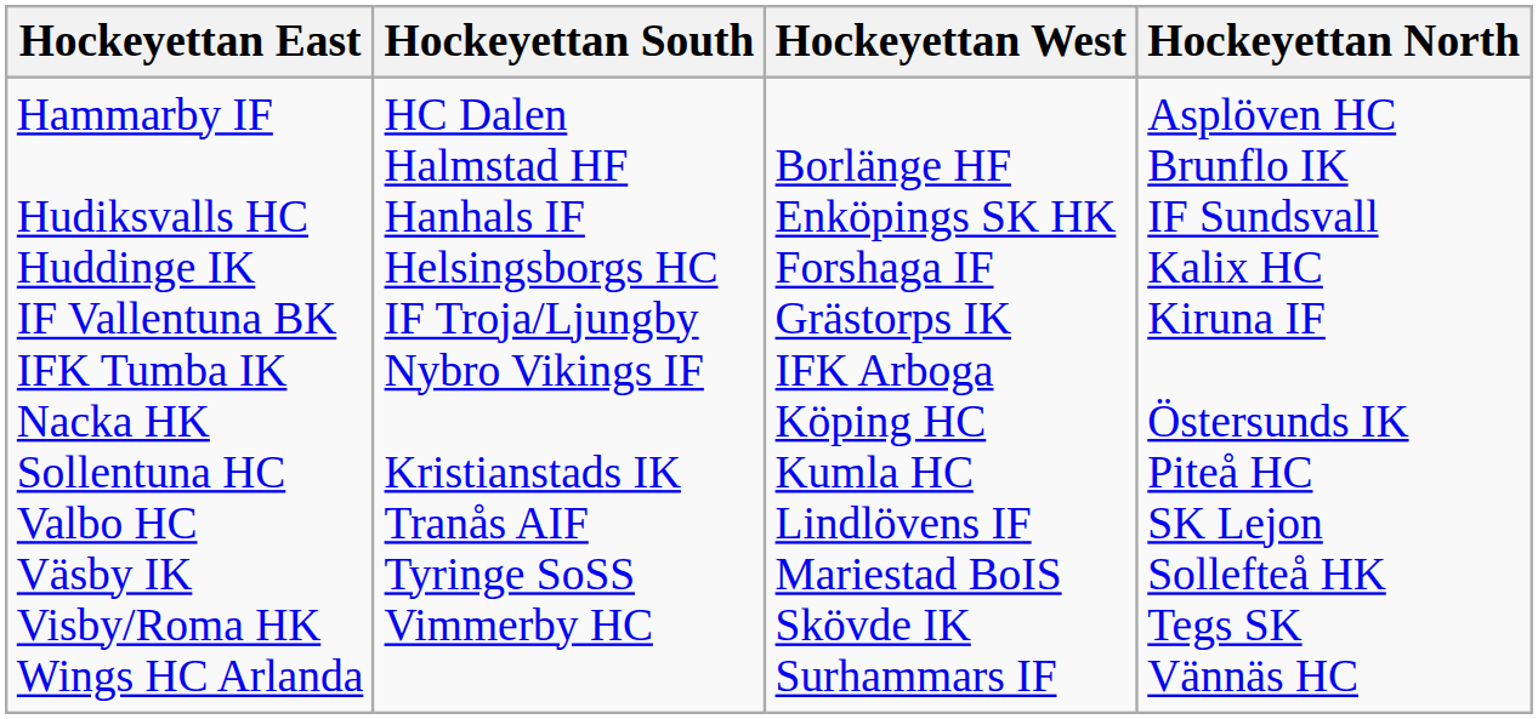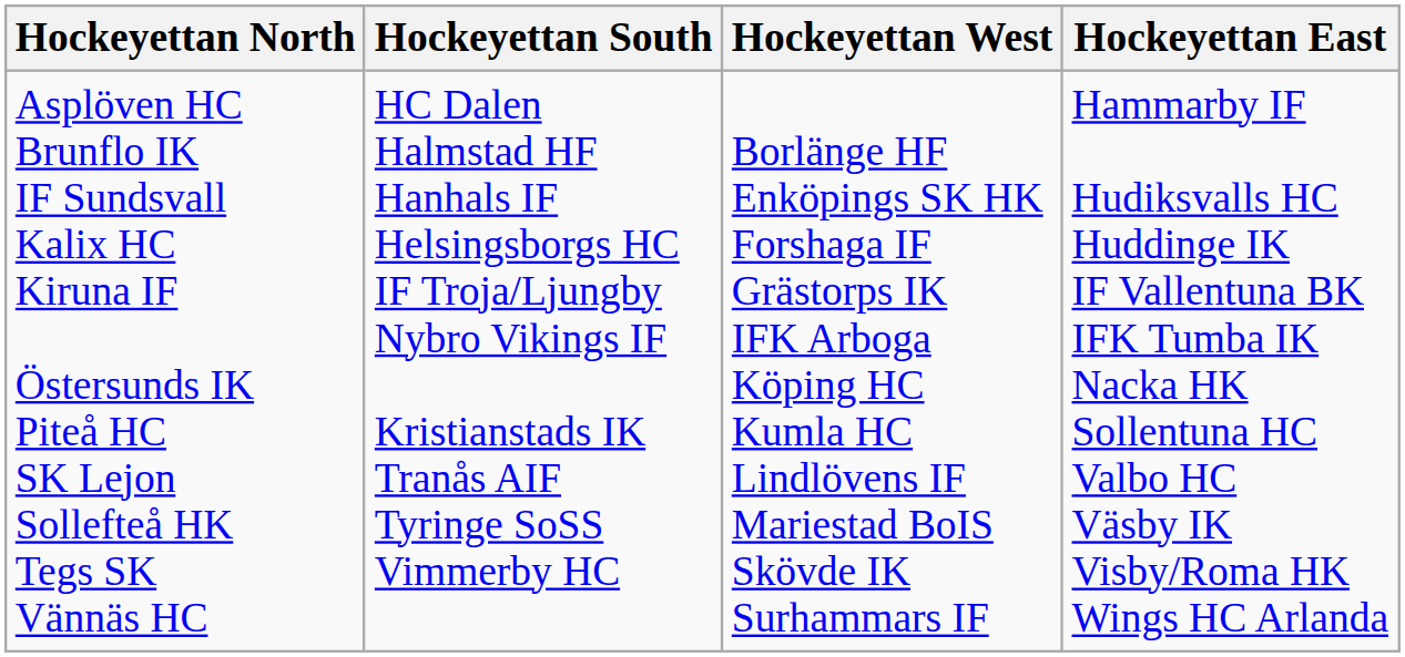 <table class="wikitable">
 <tr>
-<th>Hockeyettan East</th>
+<th>Hockeyettan North</th>
 <th>Hockeyettan South</th>
 <th>Hockeyettan West</th>
-<th>Hockeyettan North</th>
+<th>Hockeyettan East</th>
 </tr>
 <tr>
-<td valign=top><a href='#'>Hammarby IF</a><br><br><a href='#'>Hudiksvalls HC</a><br><a href='#'>Huddinge IK</a><br><a href='#'>IF Vallentuna BK</a><br><a href='#'>IFK Tumba IK</a><br><a href='#'>Nacka HK</a><br><a href='#'>Sollentuna HC</a><br><a href='#'>Valbo HC</a><br><a href='#'>Väsby IK</a><br><a href='#'>Visby/Roma HK</a><br><a href='#'>Wings HC Arlanda</a></td>
+<td valign=top><a href='#'>Asplöven HC</a><br><a href='#'>Brunflo IK</a><br><a href='#'>IF Sundsvall</a><br><a href='#'>Kalix HC</a><br><a href='#'>Kiruna IF</a><br><br><a href='#'>Östersunds IK</a><br><a href='#'>Piteå HC</a><br><a href='#'>SK Lejon</a><br><a href='#'>Sollefteå HK</a><br><a href='#'>Tegs SK</a><br><a href='#'>Vännäs HC</a></td>
 <td valign=top><a href='#'>HC Dalen</a><br><a href='#'>Halmstad HF</a><br><a href='#'>Hanhals IF</a><br><a href='#'>Helsingsborgs HC</a><br><a href='#'>IF Troja/Ljungby</a><br><a href='#'>Nybro Vikings IF</a><br><br><a href='#'>Kristianstads IK</a><br><a href='#'>Tranås AIF</a><br><a href='#'>Tyringe SoSS</a><br><a href='#'>Vimmerby HC</a></td>
 <td valign=top><br><a href='#'>Borlänge HF</a><br><a href='#'>Enköpings SK HK</a><br><a href='#'>Forshaga IF</a><br><a href='#'>Grästorps IK</a><br><a href='#'>IFK Arboga</a><br><a href='#'>Köping HC</a><br><a href='#'>Kumla HC</a><br><a href='#'>Lindlövens IF</a><br><a href='#'>Mariestad BoIS</a><br><a href='#'>Skövde IK</a><br><a href='#'>Surhammars IF</a></td>
-<td valign=top><a href='#'>Asplöven HC</a><br><a href='#'>Brunflo IK</a><br><a href='#'>IF Sundsvall</a><br><a href='#'>Kalix HC</a><br><a href='#'>Kiruna IF</a><br><br><a href='#'>Östersunds IK</a><br><a href='#'>Piteå HC</a><br><a href='#'>SK Lejon</a><br><a href='#'>Sollefteå HK</a><br><a href='#'>Tegs SK</a><br><a href='#'>Vännäs HC</a></td>
+<td valign=top><a href='#'>Hammarby IF</a><br><br><a href='#'>Hudiksvalls HC</a><br><a href='#'>Huddinge IK</a><br><a href='#'>IF Vallentuna BK</a><br><a href='#'>IFK Tumba IK</a><br><a href='#'>Nacka HK</a><br><a href='#'>Sollentuna HC</a><br><a href='#'>Valbo HC</a><br><a href='#'>Väsby IK</a><br><a href='#'>Visby/Roma HK</a><br><a href='#'>Wings HC Arlanda</a></td>
 </tr>
 </table>
